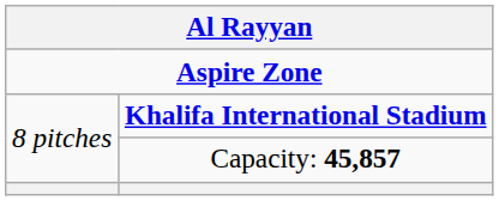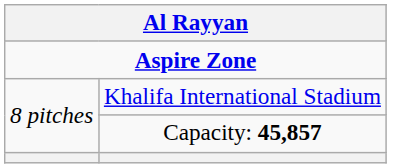 <table class="wikitable" style="text-align:center">
 <tr>
 <th colspan=2><a href='#'>Al Rayyan</a></th>
 </tr>
 <tr>
 <td colspan=2><strong><a href='#'>Aspire Zone</a></strong></td>
 </tr>
 <tr>
 <td rowspan=2><em>8 pitches</em></td>
-<td><strong><a href='#'>Khalifa International Stadium</a></strong></td>
+<td><a href='#'>Khalifa International Stadium</a></td>
 </tr>
 <tr>
 <td>Capacity: <strong>45,857</strong></td>
 </tr>
 <tr>
 <th></th>
 <th></th>
 </tr>
 </table>
